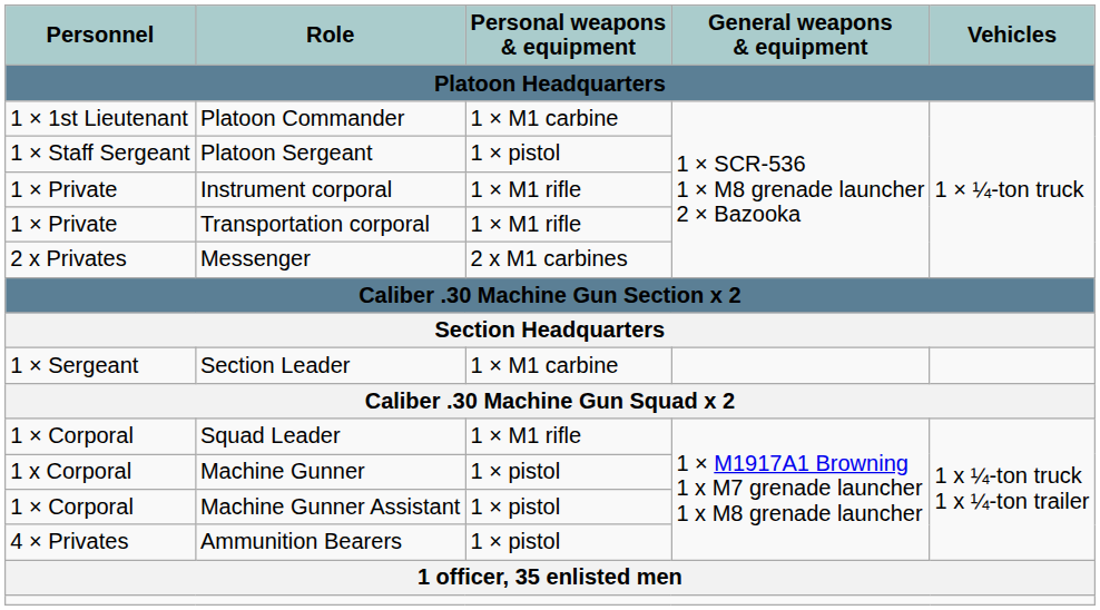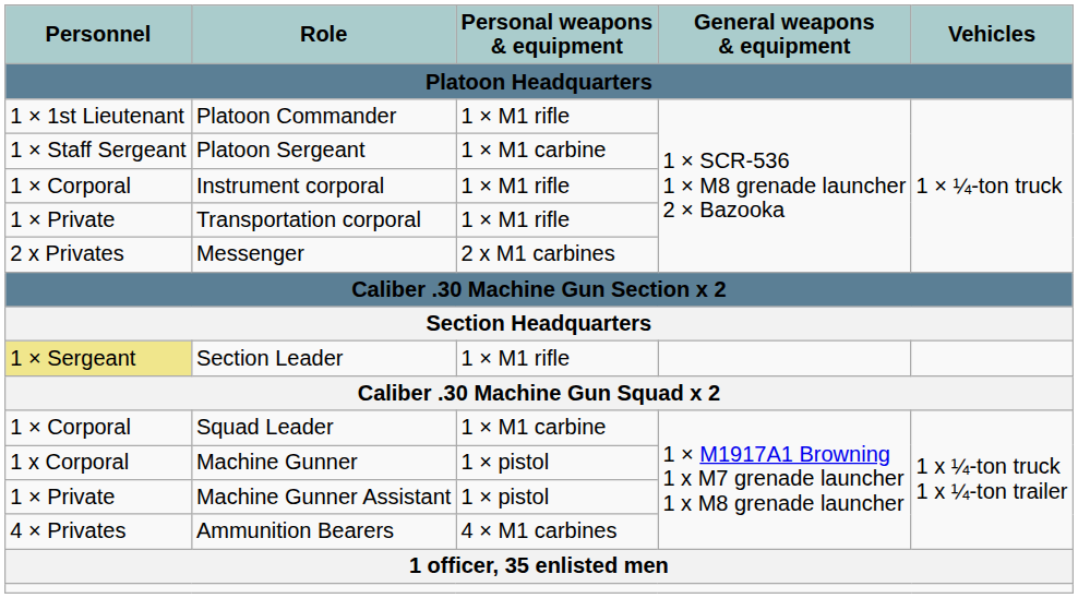 <table class="wikitable mw-collapsible mw-collapsed" style="display: inline-table;">
 <tr>
 <th style="text-align:center; background:#acc;">Personnel</th>
 <th style="text-align:center; background:#acc;">Role</th>
 <th style="text-align:l center; background:#acc;">Personal weapons<br>& equipment</th>
 <th style="text-align:l center; background:#acc;">General weapons<br>& equipment</th>
 <th style="text-align:l center; background:#acc;">Vehicles</th>
 </tr>
 <tr>
 <th scope="col" colspan="5" style="align: center; background: #5B7F95">Platoon Headquarters</th>
 </tr>
 <tr>
 <td>1 × 1st Lieutenant</td>
 <td>Platoon Commander</td>
-<td>1 × M1 carbine</td>
+<td>1 × M1 rifle</td>
 <td rowspan="5" style="center">1 × SCR-536<br>1 × M8 grenade launcher<br>2 × Bazooka</td>
 <td rowspan="5" style="center">1 × ¼-ton truck</td>
 </tr>
 <tr>
 <td>1 × Staff Sergeant</td>
 <td>Platoon Sergeant</td>
-<td>1 × pistol</td>
+<td>1 × M1 carbine</td>
 </tr>
 <tr>
-<td>1 × Private</td>
+<td>1 × Corporal</td>
 <td>Instrument corporal</td>
 <td>1 × M1 rifle</td>
 </tr>
 <tr>
 <td>1 × Private</td>
 <td>Transportation corporal</td>
 <td>1 × M1 rifle</td>
 </tr>
 <tr>
 <td>2 x Privates</td>
 <td>Messenger</td>
 <td>2 x M1 carbines</td>
 </tr>
 <tr>
 <th scope="col" colspan="5" style="align: center; background: #5B7F95">Caliber .30 Machine Gun Section x 2</th>
 </tr>
 <tr>
 <th scope="col" colspan="5" style="align: center; background: light blue;">Section Headquarters</th>
 </tr>
 <tr>
-<td>1 × Sergeant</td>
+<td style="background: khaki;">1 × Sergeant</td>
 <td>Section Leader</td>
-<td>1 × M1 carbine</td>
+<td>1 × M1 rifle</td>
 <td rowspan="1"></td>
 <td rowspan="1"></td>
 </tr>
 <tr>
 <th colspan="5" style="background: light blue;">Caliber .30 Machine Gun Squad x 2</th>
 </tr>
 <tr>
 <td>1 × Corporal</td>
 <td>Squad Leader</td>
-<td>1 × M1 rifle</td>
+<td>1 × M1 carbine</td>
 <td rowspan="4">1 × <a href='#'>M1917A1 Browning</a><br>1 x M7 grenade launcher<br>1 x M8 grenade launcher</td>
 <td rowspan="4">1 x ¼-ton truck<br>1 x ¼-ton trailer</td>
 </tr>
 <tr>
 <td>1 x Corporal</td>
 <td>Machine Gunner</td>
 <td>1 × pistol</td>
 </tr>
 <tr>
-<td>1 × Corporal</td>
+<td>1 × Private</td>
 <td>Machine Gunner Assistant</td>
 <td>1 × pistol</td>
 </tr>
 <tr>
 <td>4 × Privates</td>
 <td>Ammunition Bearers</td>
-<td>1 × pistol</td>
+<td>4 × M1 carbines</td>
 </tr>
 <tr>
 <th colspan="5" style="background: light blue;">1 officer, 35 enlisted men</th>
 </tr>
 <tr>
 <td colspan="6"></td>
 </tr>
 </table>
